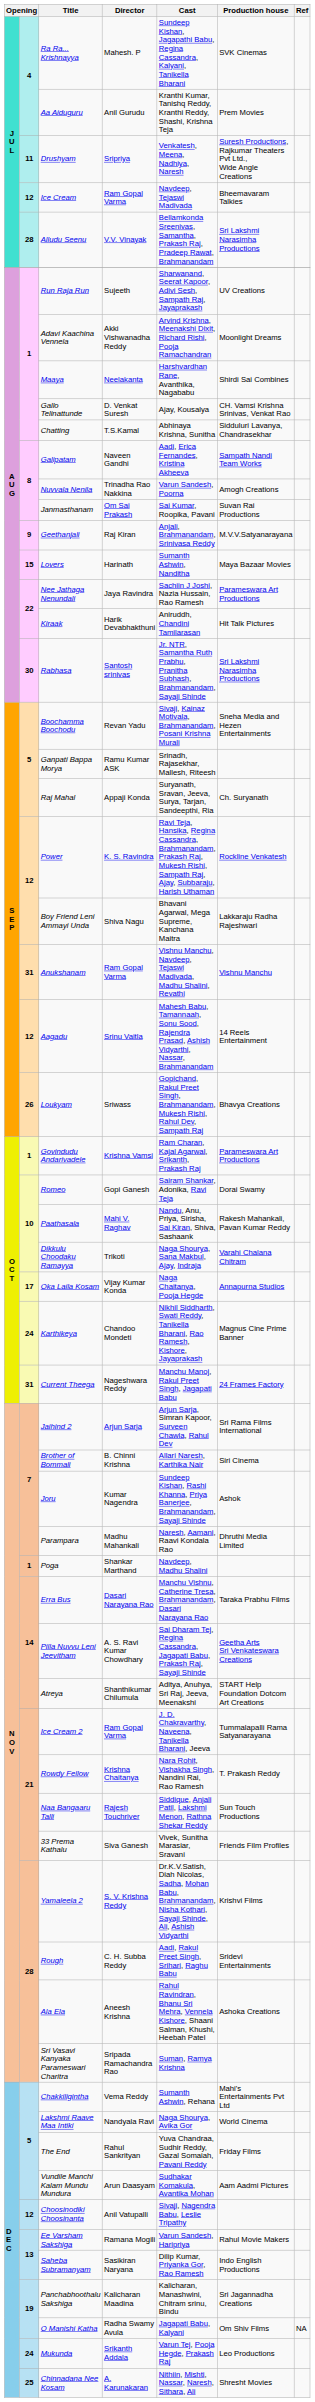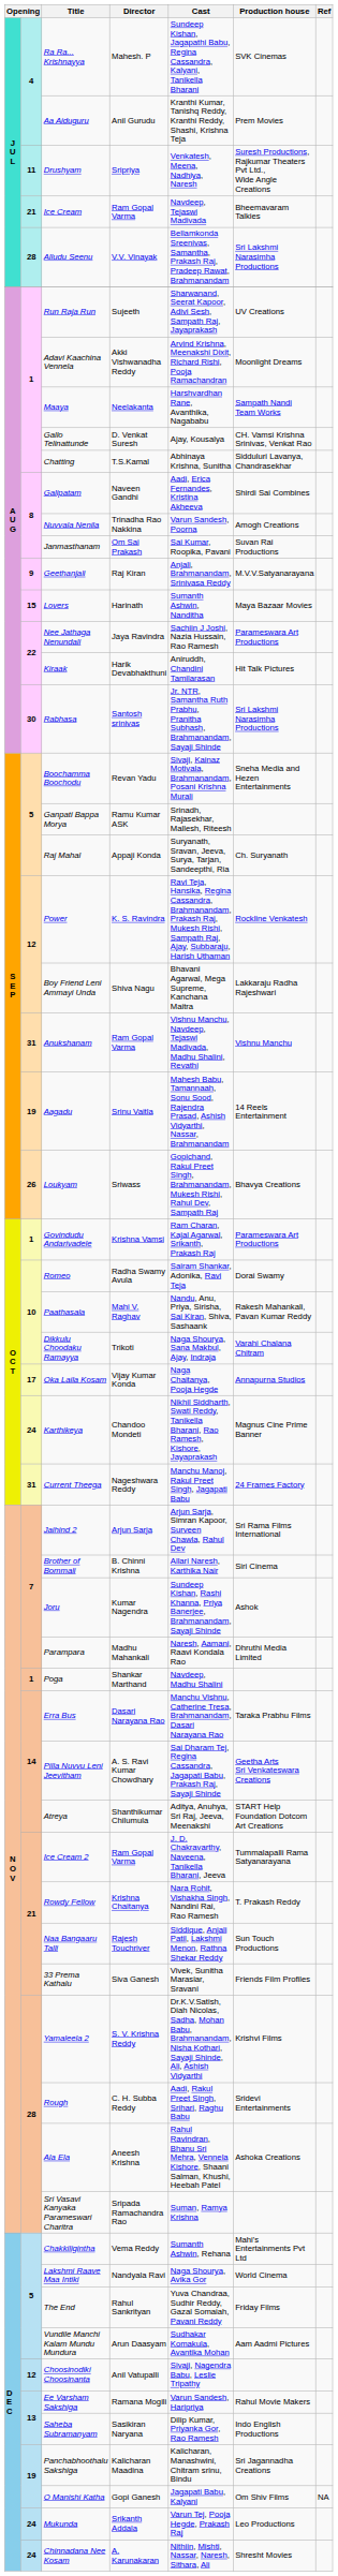 <table class="wikitable sortable">
 <tr style="background:#blue; text-align:center;">
 <th colspan="2">Opening</th>
 <th>Title</th>
 <th style="width:20%;"><strong>Director</strong></th>
 <th>Cast</th>
 <th>Production house</th>
 <th>Ref</th>
 </tr>
 <tr July!>
 <td rowspan="5" style="text-align:center; background:#40e0d0;  "><strong>J<br>U<br>L</strong></td>
 <td rowspan="2" style="text-align:center; background:#afeeee;"><strong>4</strong></td>
 <td><em><a href='#'>Ra Ra... Krishnayya</a></em></td>
 <td>Mahesh. P</td>
 <td><a href='#'>Sundeep Kishan</a>, <a href='#'>Jagapathi Babu</a>, <a href='#'>Regina Cassandra</a>, <a href='#'>Kalyani</a>, <a href='#'>Tanikella Bharani</a></td>
 <td>SVK Cinemas</td>
 <td></td>
 </tr>
 <tr>
 <td><em><a href='#'>Aa Aiduguru</a></em></td>
 <td>Anil Gurudu</td>
 <td>Kranthi Kumar, Tanishq Reddy, Kranthi Reddy, Shashi, Krishna Teja</td>
 <td>Prem Movies</td>
 <td></td>
 </tr>
 <tr>
 <td style="text-align:center; background:#afeeee;"><strong>11</strong></td>
 <td><em><a href='#'>Drushyam</a></em></td>
 <td><a href='#'>Sripriya</a></td>
 <td><a href='#'>Venkatesh</a>, <a href='#'>Meena</a>, <a href='#'>Nadhiya</a>, <a href='#'>Naresh</a></td>
 <td><a href='#'>Suresh Productions</a>, Rajkumar Theaters Pvt Ltd.,<br>Wide Angle Creations</td>
 <td></td>
 </tr>
 <tr>
-<td style="text-align:center; background:#afeeee;"><strong>12</strong></td>
+<td style="text-align:center; background:#afeeee;"><strong>21</strong></td>
 <td><em> <a href='#'>Ice Cream</a></em></td>
 <td><a href='#'>Ram Gopal Varma</a></td>
 <td><a href='#'>Navdeep</a>, <a href='#'>Tejaswi Madivada</a></td>
 <td>Bheemavaram Talkies</td>
 <td></td>
 </tr>
 <tr>
 <td rowspan="1" style="text-align:center; background:#afeeee;"><strong>28</strong></td>
 <td><em><a href='#'>Alludu Seenu</a></em></td>
 <td><a href='#'>V.V. Vinayak</a></td>
 <td><a href='#'>Bellamkonda Sreenivas</a>, <a href='#'>Samantha</a>, <a href='#'>Prakash Raj</a>, <a href='#'>Pradeep Rawat</a>, <a href='#'>Brahmanandam</a></td>
 <td><a href='#'>Sri Lakshmi Narasimha Productions</a></td>
 <td></td>
 </tr>
 <tr>
 </tr>
 <tr August!>
 <td rowspan="13"   style="text-align:center; background:plum;  "><strong>A<br>U<br>G</strong></td>
 <td rowspan="5" style="text-align:center; background:#fcf;"><strong>1</strong></td>
 <td><em><a href='#'>Run Raja Run</a></em></td>
 <td>Sujeeth</td>
 <td><a href='#'>Sharwanand</a>, <a href='#'>Seerat Kapoor</a>, <a href='#'>Adivi Sesh</a>, <a href='#'>Sampath Raj</a>, <a href='#'>Jayaprakash</a></td>
 <td>UV Creations</td>
 <td></td>
 </tr>
 <tr>
 <td><em>Adavi Kaachina Vennela</em></td>
 <td>Akki Vishwanadha Reddy</td>
 <td><a href='#'>Arvind Krishna</a>, <a href='#'>Meenakshi Dixit</a>, <a href='#'>Richard Rishi</a>, <a href='#'>Pooja Ramachandran</a></td>
 <td>Moonlight Dreams</td>
 <td></td>
 </tr>
 <tr>
 <td><em><a href='#'>Maaya</a></em></td>
 <td><a href='#'>Neelakanta</a></td>
 <td><a href='#'>Harshvardhan Rane</a>, Avanthika, Nagababu</td>
-<td>Shirdi Sai Combines</td>
+<td><a href='#'>Sampath Nandi Team Works</a></td>
 <td></td>
 </tr>
 <tr>
 <td><em>Gallo Telinattunde</em></td>
 <td>D. Venkat Suresh</td>
 <td>Ajay, Kousalya</td>
 <td>CH. Vamsi Krishna Srinivas, Venkat Rao</td>
 <td></td>
 </tr>
 <tr>
 <td><em>Chatting</em></td>
 <td>T.S.Kamal</td>
 <td>Abhinaya Krishna, Sunitha</td>
 <td>Sidduluri Lavanya, Chandrasekhar</td>
 <td></td>
 </tr>
 <tr>
 <td rowspan="3" style="text-align:center; background:#fcf;"><strong>8</strong></td>
 <td><em><a href='#'>Galipatam</a></em></td>
 <td>Naveen Gandhi</td>
 <td><a href='#'>Aadi</a>, <a href='#'>Erica Fernandes</a>, <a href='#'>Kristina Akheeva</a></td>
-<td><a href='#'>Sampath Nandi Team Works</a></td>
+<td>Shirdi Sai Combines</td>
 <td></td>
 </tr>
 <tr>
 <td><em><a href='#'>Nuvvala Nenila</a></em></td>
 <td>Trinadha Rao Nakkina</td>
 <td><a href='#'>Varun Sandesh</a>, <a href='#'>Poorna</a></td>
 <td>Amogh Creations</td>
 <td></td>
 </tr>
 <tr>
 <td><em>Janmasthanam</em></td>
 <td><a href='#'>Om Sai Prakash</a></td>
 <td><a href='#'>Sai Kumar</a>, Roopika, Pavani</td>
 <td>Suvan Rai Productions</td>
 <td></td>
 </tr>
 <tr>
 <td style="text-align:center; background:#fcf;"><strong>9</strong></td>
 <td><em><a href='#'>Geethanjali</a></em></td>
 <td>Raj Kiran</td>
 <td><a href='#'>Anjali</a>, <a href='#'>Brahmanandam</a>, <a href='#'>Srinivasa Reddy</a></td>
 <td>M.V.V.Satyanarayana</td>
 <td></td>
 </tr>
 <tr>
 <td style="text-align:center; background:#fcf;"><strong>15</strong></td>
 <td><em><a href='#'>Lovers</a></em></td>
 <td>Harinath</td>
 <td><a href='#'>Sumanth Ashwin</a>, <a href='#'>Nanditha</a></td>
 <td>Maya Bazaar Movies</td>
 <td></td>
 </tr>
 <tr>
 <td rowspan="2" style="text-align:center; background:#fcf;"><strong>22</strong></td>
 <td><em><a href='#'>Nee Jathaga Nenundali</a></em></td>
 <td>Jaya Ravindra</td>
 <td><a href='#'>Sachiin J Joshi</a>, Nazia Hussain, Rao Ramesh</td>
 <td><a href='#'>Parameswara Art Productions</a></td>
 <td></td>
 </tr>
 <tr>
 <td><em><a href='#'>Kiraak</a></em></td>
 <td>Harik Devabhakthuni</td>
 <td>Aniruddh, <a href='#'>Chandini Tamilarasan</a></td>
 <td>Hit Talk Pictures</td>
 <td></td>
 </tr>
 <tr>
 <td style="text-align:center; background:#fcf;"><strong>30</strong></td>
 <td><em><a href='#'>Rabhasa</a></em></td>
 <td><a href='#'>Santosh srinivas</a></td>
 <td><a href='#'>Jr. NTR</a>, <a href='#'>Samantha Ruth Prabhu</a>, <a href='#'>Pranitha Subhash</a>, <a href='#'>Brahmanandam</a>, <a href='#'>Sayaji Shinde</a></td>
 <td><a href='#'>Sri Lakshmi Narasimha Productions</a></td>
 <td></td>
 </tr>
 <tr September!>
 <td rowspan="8" style="text-align:center; background:orange; textcolor:#ffdead;"><strong>S<br>E<br>P</strong></td>
 <td rowspan="3" style="text-align:center; background:#ffdead;"><strong>5</strong></td>
 <td><em><a href='#'>Boochamma Boochodu</a></em></td>
 <td>Revan Yadu</td>
 <td><a href='#'>Sivaji</a>, <a href='#'>Kainaz Motivala</a>, <a href='#'>Brahmanandam</a>, <a href='#'>Posani Krishna Murali</a></td>
 <td>Sneha Media and Hezen Entertainments</td>
 <td></td>
 </tr>
 <tr>
 <td><em>Ganpati Bappa Morya</em></td>
 <td>Ramu Kumar ASK</td>
 <td>Srinadh, Rajasekhar, Mallesh, Riteesh</td>
 <td></td>
 <td></td>
 </tr>
 <tr>
 <td><em>Raj Mahal</em></td>
 <td>Appaji Konda</td>
 <td>Suryanath, Sravan, Jeeva, Surya, Tarjan, Sandeepthi, Ria</td>
 <td>Ch. Suryanath</td>
 <td></td>
 </tr>
 <tr>
 <td rowspan="2" style="text-align:center; background:#ffdead;"><strong>12</strong></td>
 <td><em><a href='#'>Power</a></em></td>
 <td><a href='#'>K. S. Ravindra</a></td>
 <td><a href='#'>Ravi Teja</a>, <a href='#'>Hansika</a>, <a href='#'>Regina Cassandra</a>, <a href='#'>Brahmanandam</a>, <a href='#'>Prakash Raj</a>, <a href='#'>Mukesh Rishi</a>, <a href='#'>Sampath Raj</a>, <a href='#'>Ajay</a>, <a href='#'>Subbaraju</a>, <a href='#'>Harish Uthaman</a></td>
 <td><a href='#'>Rockline Venkatesh</a></td>
 <td></td>
 </tr>
 <tr>
 <td><em>Boy Friend Leni Ammayi Unda</em></td>
 <td>Shiva Nagu</td>
 <td>Bhavani Agarwal, Mega Supreme, Kanchana Maitra</td>
 <td>Lakkaraju Radha Rajeshwari</td>
 <td></td>
 </tr>
 <tr>
 <td style="text-align:center; background:#ffdead;"><strong>31</strong></td>
 <td><em><a href='#'>Anukshanam</a></em></td>
 <td><a href='#'>Ram Gopal Varma</a></td>
 <td><a href='#'>Vishnu Manchu</a>, <a href='#'>Navdeep</a>, <a href='#'>Tejaswi Madivada</a>, <a href='#'>Madhu Shalini</a>, <a href='#'>Revathi</a></td>
 <td><a href='#'>Vishnu Manchu</a></td>
 <td></td>
 </tr>
 <tr>
-<td style="text-align:center; background:#ffdead;"><strong>12</strong></td>
+<td style="text-align:center; background:#ffdead;"><strong>19</strong></td>
 <td><em><a href='#'>Aagadu</a></em></td>
 <td><a href='#'>Srinu Vaitla</a></td>
 <td><a href='#'>Mahesh Babu</a>, <a href='#'>Tamannaah</a>, <a href='#'>Sonu Sood</a>, <a href='#'>Rajendra Prasad</a>, <a href='#'>Ashish Vidyarthi</a>, <a href='#'>Nassar</a>, <a href='#'>Brahmanandam</a></td>
 <td>14 Reels Entertainment</td>
 <td></td>
 </tr>
 <tr>
 <td style="text-align:center; background:#ffdead;"><strong>26</strong></td>
 <td><em><a href='#'>Loukyam</a></em></td>
 <td>Sriwass</td>
 <td><a href='#'>Gopichand</a>, <a href='#'>Rakul Preet Singh</a>, <a href='#'>Brahmanandam</a>, <a href='#'>Mukesh Rishi</a>, <a href='#'>Rahul Dev</a>, <a href='#'>Sampath Raj</a></td>
 <td>Bhavya Creations</td>
 <td></td>
 </tr>
 <tr October!>
 <td rowspan="7"   style="text-align:center; background:#eef003;  "><strong>O<br>C<br>T</strong></td>
 <td style="text-align:center; background:#f9fab3;"><strong>1</strong></td>
 <td><em><a href='#'>Govindudu Andarivadele</a></em></td>
 <td><a href='#'>Krishna Vamsi</a></td>
 <td><a href='#'>Ram Charan</a>, <a href='#'>Kajal Agarwal</a>, <a href='#'>Srikanth</a>, <a href='#'>Prakash Raj</a></td>
 <td><a href='#'>Parameswara Art Productions</a></td>
 <td></td>
 </tr>
 <tr>
 <td rowspan="3" style="text-align:center; background:#f9fab3;"><strong>10</strong></td>
 <td><em><a href='#'>Romeo</a></em></td>
-<td>Gopi Ganesh</td>
+<td>Radha Swamy Avula</td>
 <td><a href='#'>Sairam Shankar</a>, Adonika, <a href='#'>Ravi Teja</a></td>
 <td>Dorai Swamy</td>
 <td></td>
 </tr>
 <tr>
 <td><em><a href='#'>Paathasala</a></em></td>
 <td><a href='#'>Mahi V. Raghav</a></td>
 <td><a href='#'>Nandu</a>, Anu, Priya, Sirisha, <a href='#'>Sai Kiran</a>, Shiva, Sashaank</td>
 <td>Rakesh Mahankali, Pavan Kumar Reddy</td>
 <td></td>
 </tr>
 <tr>
 <td><em><a href='#'>Dikkulu Choodaku Ramayya</a></em></td>
 <td>Trikoti</td>
 <td><a href='#'>Naga Shourya</a>, <a href='#'>Sana Makbul</a>, <a href='#'>Ajay</a>, <a href='#'>Indraja</a></td>
 <td><a href='#'>Varahi Chalana Chitram</a></td>
 <td></td>
 </tr>
 <tr>
 <td style="text-align:center; background:#f9fab3;"><strong>17</strong></td>
 <td><em><a href='#'>Oka Laila Kosam</a></em></td>
 <td>Vijay Kumar Konda</td>
 <td><a href='#'>Naga Chaitanya</a>, <a href='#'>Pooja Hegde</a></td>
 <td><a href='#'>Annapurna Studios</a></td>
 <td></td>
 </tr>
 <tr>
 <td style="text-align:center; background:#f9fab3;"><strong>24</strong></td>
 <td><em><a href='#'>Karthikeya</a></em></td>
 <td>Chandoo Mondeti</td>
 <td><a href='#'>Nikhil Siddharth</a>, <a href='#'>Swati Reddy</a>, <a href='#'>Tanikella Bharani</a>, <a href='#'>Rao Ramesh</a>, <a href='#'>Kishore</a>, <a href='#'>Jayaprakash</a></td>
 <td>Magnus Cine Prime Banner</td>
 <td></td>
 </tr>
 <tr>
 <td style="text-align:center; background:#f9fab3;"><strong>31</strong></td>
 <td><em><a href='#'>Current Theega</a></em></td>
 <td>Nageshwara Reddy</td>
 <td><a href='#'>Manchu Manoj</a>, <a href='#'>Rakul Preet Singh</a>, <a href='#'>Jagapati Babu</a></td>
 <td><a href='#'>24 Frames Factory</a></td>
 <td></td>
 </tr>
 <tr November!>
 <td rowspan="16" style="text-align:center; background:#F7C099; "><strong>N<br>O<br>V</strong></td>
 <td rowspan="4" style="text-align:center; background:#F7C099;"><strong>7</strong></td>
 <td><em><a href='#'>Jaihind 2</a></em></td>
 <td><a href='#'>Arjun Sarja</a></td>
 <td><a href='#'>Arjun Sarja</a>, Simran Kapoor, <a href='#'>Surveen Chawla</a>, <a href='#'>Rahul Dev</a></td>
 <td>Sri Rama Films International</td>
 <td></td>
 </tr>
 <tr>
 <td><em><a href='#'>Brother of Bommali</a></em></td>
 <td>B. Chinni Krishna</td>
 <td><a href='#'>Allari Naresh</a>, <a href='#'>Karthika Nair</a></td>
 <td>Siri Cinema</td>
 <td></td>
 </tr>
 <tr>
 <td><em><a href='#'>Joru</a></em></td>
 <td>Kumar Nagendra</td>
 <td><a href='#'>Sundeep Kishan</a>, <a href='#'>Rashi Khanna</a>, <a href='#'>Priya Banerjee</a>, <a href='#'>Brahmanandam</a>, <a href='#'>Sayaji Shinde</a></td>
 <td>Ashok</td>
 <td></td>
 </tr>
 <tr>
 <td><em>Parampara</em></td>
 <td>Madhu Mahankali</td>
 <td><a href='#'>Naresh</a>, <a href='#'>Aamani</a>, Raavi Kondala Rao</td>
 <td>Dhruthi Media Limited</td>
 <td></td>
 </tr>
 <tr>
 <td style="text-align:center; background:#f7c099;"><strong>1</strong></td>
 <td><em>Poga</em></td>
 <td>Shankar Marthand</td>
 <td><a href='#'>Navdeep</a>, <a href='#'>Madhu Shalini</a></td>
 <td></td>
 <td></td>
 </tr>
 <tr>
 <td rowspan="3" style="text-align:center; background:#F7C099;"><strong>14</strong></td>
 <td><em><a href='#'>Erra Bus</a></em></td>
 <td><a href='#'>Dasari Narayana Rao</a></td>
 <td><a href='#'>Manchu Vishnu</a>, <a href='#'>Catherine Tresa</a>, <a href='#'>Brahmanandam</a>, <a href='#'>Dasari Narayana Rao</a></td>
 <td>Taraka Prabhu Films</td>
 <td></td>
 </tr>
 <tr>
 <td><em><a href='#'>Pilla Nuvvu Leni Jeevitham</a></em></td>
 <td>A. S. Ravi Kumar Chowdhary</td>
 <td><a href='#'>Sai Dharam Tej</a>, <a href='#'>Regina Cassandra</a>, <a href='#'>Jagapati Babu</a>, <a href='#'>Prakash Raj</a>, <a href='#'>Sayaji Shinde</a></td>
 <td><a href='#'>Geetha Arts</a><br><a href='#'>Sri Venkateswara Creations</a></td>
 <td></td>
 </tr>
 <tr>
 <td><em>Atreya</em></td>
 <td>Shanthikumar Chilumula</td>
 <td>Aditya, Anuhya, Sri Raj, Jeeva, Meenakshi</td>
 <td>START Help Foundation Dotcom Art Creations</td>
 <td></td>
 </tr>
 <tr>
 <td rowspan="4" style="text-align:center; background:#F7C099;"><strong>21</strong></td>
 <td><em><a href='#'>Ice Cream 2</a></em></td>
 <td><a href='#'>Ram Gopal Varma</a></td>
 <td><a href='#'>J. D. Chakravarthy</a>, <a href='#'>Naveena</a>, <a href='#'>Tanikella Bharani</a>, Jeeva</td>
 <td>Tummalapalli Rama Satyanarayana</td>
 <td></td>
 </tr>
 <tr>
 <td><em><a href='#'>Rowdy Fellow</a></em></td>
 <td><a href='#'>Krishna Chaitanya</a></td>
 <td><a href='#'>Nara Rohit</a>, <a href='#'>Vishakha Singh</a>, Nandini Rai, Rao Ramesh</td>
 <td>T. Prakash Reddy</td>
 <td></td>
 </tr>
 <tr>
 <td><em><a href='#'>Naa Bangaaru Talli</a></em></td>
 <td><a href='#'>Rajesh Touchriver</a></td>
 <td><a href='#'>Siddique</a>, <a href='#'>Anjali Patil</a>, <a href='#'>Lakshmi Menon</a>, <a href='#'>Rathna Shekar Reddy</a></td>
 <td>Sun Touch Productions</td>
 <td></td>
 </tr>
 <tr>
 <td><em>33 Prema Kathalu</em></td>
 <td>Siva Ganesh</td>
 <td>Vivek, Sunitha Marasiar, Sravani</td>
 <td>Friends Film Profiles</td>
 <td></td>
 </tr>
 <tr>
 <td rowspan="4" style="text-align:center; background:#F7C099;"><strong>28</strong></td>
 <td><em><a href='#'>Yamaleela 2</a></em></td>
 <td><a href='#'>S. V. Krishna Reddy</a></td>
 <td>Dr.K.V.Satish, Diah Nicolas, <a href='#'>Sadha</a>, <a href='#'>Mohan Babu</a>, <a href='#'>Brahmanandam</a>, <a href='#'>Nisha Kothari</a>, <a href='#'>Sayaji Shinde</a>, <a href='#'>Ali</a>, <a href='#'>Ashish Vidyarthi</a></td>
 <td>Krishvi Films</td>
 <td></td>
 </tr>
 <tr>
 <td><em><a href='#'>Rough</a></em></td>
 <td>C. H. Subba Reddy</td>
 <td><a href='#'>Aadi</a>, <a href='#'>Rakul Preet Singh</a>, <a href='#'>Srihari</a>, <a href='#'>Raghu Babu</a></td>
 <td>Sridevi Entertainments</td>
 <td></td>
 </tr>
 <tr>
 <td><em><a href='#'>Ala Ela</a></em></td>
 <td>Aneesh Krishna</td>
 <td><a href='#'>Rahul Ravindran</a>, <a href='#'>Bhanu Sri Mehra</a>, <a href='#'>Vennela Kishore</a>, Shaani Salman, Khushi, Heebah Patel</td>
 <td>Ashoka Creations</td>
 <td></td>
 </tr>
 <tr>
 <td><em>Sri Vasavi Kanyaka Parameswari Charitra</em></td>
 <td>Sripada Ramachandra Rao</td>
 <td><a href='#'>Suman</a>, <a href='#'>Ramya Krishna</a></td>
 <td></td>
 <td></td>
 </tr>
 <tr December!>
 <td rowspan="11" style="texthfrgf-align:center; background:skyBlue;  "><strong>D<br>E<br>C</strong></td>
 <td rowspan="4" style="text-align:center; background:#b7e1f3;"><strong>5</strong></td>
 <td><em><a href='#'>Chakkiligintha</a></em></td>
 <td>Vema Reddy</td>
 <td><a href='#'>Sumanth Ashwin</a>, Rehana</td>
 <td>Mahi's Entertainments Pvt Ltd</td>
 <td></td>
 </tr>
 <tr>
 <td><em><a href='#'>Lakshmi Raave Maa Intiki</a></em></td>
 <td>Nandyala Ravi</td>
 <td><a href='#'>Naga Shourya</a>, <a href='#'>Avika Gor</a></td>
 <td>World Cinema</td>
 <td></td>
 </tr>
 <tr>
 <td><em>The End</em></td>
 <td>Rahul Sankrityan</td>
 <td>Yuva Chandraa, Sudhir Reddy, Gazal Somaiah, <a href='#'>Pavani Reddy</a></td>
 <td>Friday Films</td>
 <td></td>
 </tr>
 <tr>
 <td><em>Vundile Manchi Kalam Mundu Mundura</em></td>
 <td>Arun Daasyam</td>
 <td><a href='#'>Sudhakar Komakula</a>, <a href='#'>Avantika Mohan</a></td>
 <td>Aam Aadmi Pictures</td>
 <td></td>
 </tr>
 <tr>
 <td style="text-align:center; background:#b7e1f3;"><strong>12</strong></td>
 <td><em><a href='#'>Choosinodiki Choosinanta</a></em></td>
 <td>Anil Vatupalli</td>
 <td><a href='#'>Sivaji</a>, <a href='#'>Nagendra Babu</a>, <a href='#'>Leslie Tripathy</a></td>
 <td></td>
 <td></td>
 </tr>
 <tr>
 <td rowspan="2" style="text-align:center; background:#b7e1f3;"><strong>13</strong></td>
 <td><em><a href='#'>Ee Varsham Sakshiga</a></em></td>
 <td>Ramana Mogili</td>
 <td><a href='#'>Varun Sandesh</a>, <a href='#'>Haripriya</a></td>
 <td>Rahul Movie Makers</td>
 <td></td>
 </tr>
 <tr>
 <td><em><a href='#'>Saheba Subramanyam</a></em></td>
 <td>Sasikiran Naryana</td>
 <td>Dilip Kumar, <a href='#'>Priyanka Gor</a>, <a href='#'>Rao Ramesh</a></td>
 <td>Indo English Productions</td>
 <td></td>
 </tr>
 <tr>
 <td rowspan="2" style="text-align:center; background:#b7e1f3;"><strong>19</strong></td>
 <td><em>Panchabhoothalu Sakshiga</em></td>
 <td>Kalicharan Maadina</td>
 <td>Kalicharan, Manashwini, Chitram srinu, Bindu</td>
 <td>Sri Jagannadha Creations</td>
 <td></td>
 </tr>
 <tr>
 <td><em><a href='#'>O Manishi Katha</a></em></td>
-<td>Radha Swamy Avula</td>
+<td>Gopi Ganesh</td>
 <td><a href='#'>Jagapati Babu</a>, <a href='#'>Kalyani</a></td>
 <td>Om Shiv Films</td>
 <td>NA</td>
 </tr>
 <tr>
 <td style="text-align:center; background:#b7e1f3;"><strong>24</strong></td>
 <td><em><a href='#'>Mukunda</a></em></td>
 <td><a href='#'>Srikanth Addala</a></td>
 <td><a href='#'>Varun Tej</a>, <a href='#'>Pooja Hegde</a>, <a href='#'>Prakash Raj</a></td>
 <td>Leo Productions</td>
 <td></td>
 </tr>
 <tr>
-<td style="text-align:center; background:#b7e1f3;"><strong>25</strong></td>
+<td style="text-align:center; background:#b7e1f3;"><strong>24</strong></td>
 <td><em><a href='#'>Chinnadana Nee Kosam</a></em></td>
 <td><a href='#'>A. Karunakaran</a></td>
 <td><a href='#'>Nithiin</a>, <a href='#'>Mishti</a>, <a href='#'>Nassar</a>, <a href='#'>Naresh</a>, <a href='#'>Sithara</a>, <a href='#'>Ali</a></td>
 <td>Shresht Movies</td>
 <td></td>
 </tr>
 </table>
